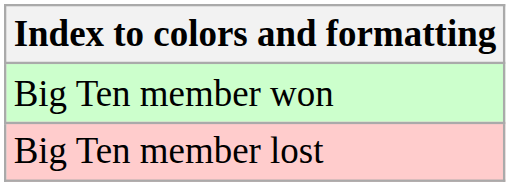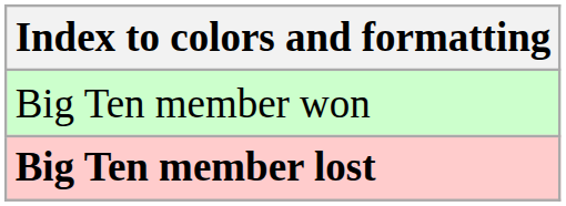 <table class="wikitable">
 <tr>
 <th>Index to colors and formatting</th>
 </tr>
 <tr style="background:#cfc;">
 <td>Big Ten member won</td>
 </tr>
 <tr style="background:#fcc;">
-<td>Big Ten member lost</td>
+<td><strong>Big Ten member lost</strong></td>
 </tr>
 </table>
